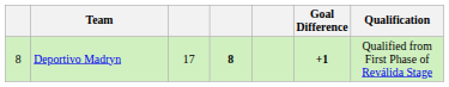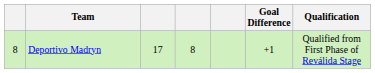 <table class="wikitable" style="text-align: center;">
 <tr>
 <th width=28><br></th>
 <th width=180>Team</th>
 <th width=50></th>
 <th width=50></th>
 <th width=50></th>
 <th width=50>Goal Difference</th>
 <th width=120>Qualification</th>
 </tr>
 <tr bgcolor=#D0F0C0>
 <td>8</td>
 <td align="left"><a href='#'>Deportivo Madryn</a></td>
 <td>17</td>
-<td><strong>8</strong></td>
+<td>8</td>
 <td><strong></strong></td>
-<td><strong>+1</strong></td>
+<td>+1</td>
 <td rowspan=4>Qualified from First Phase of <a href='#'>Reválida Stage</a></td>
 </tr>
 </table>
